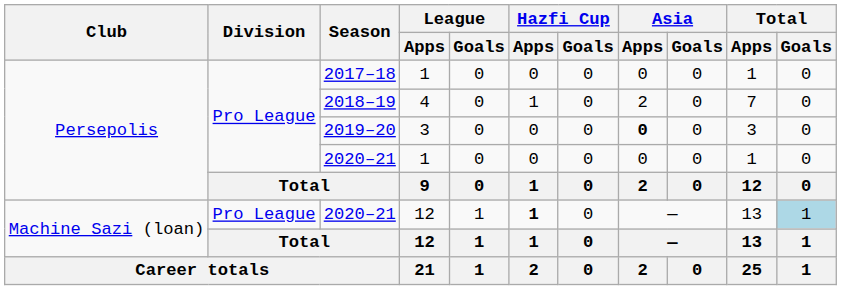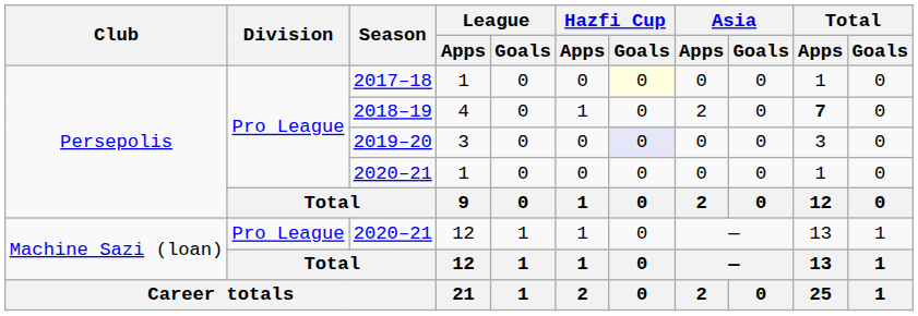 <table class="wikitable" style="text-align: center;">
 <tr>
 <th rowspan="2">Club</th>
 <th rowspan="2">Division</th>
 <th rowspan="2">Season</th>
 <th colspan="2">League</th>
 <th colspan="2"><a href='#'>Hazfi Cup</a></th>
 <th colspan="2"><a href='#'>Asia</a></th>
 <th colspan="2">Total</th>
 </tr>
 <tr>
 <th>Apps</th>
 <th>Goals</th>
 <th>Apps</th>
 <th>Goals</th>
 <th>Apps</th>
 <th>Goals</th>
 <th>Apps</th>
 <th>Goals</th>
 </tr>
 <tr>
 <td rowspan="5"><a href='#'>Persepolis</a></td>
 <td rowspan="4"><a href='#'>Pro League</a></td>
 <td><a href='#'>2017–18</a></td>
 <td>1</td>
 <td>0</td>
 <td>0</td>
-<td>0</td>
+<td style="background: lightyellow;">0</td>
 <td>0</td>
 <td>0</td>
 <td>1</td>
 <td>0</td>
 </tr>
 <tr>
 <td><a href='#'>2018–19</a></td>
 <td>4</td>
 <td>0</td>
 <td>1</td>
 <td>0</td>
 <td>2</td>
 <td>0</td>
-<td>7</td>
+<td><strong>7</strong></td>
 <td>0</td>
 </tr>
 <tr>
 <td><a href='#'>2019–20</a></td>
 <td>3</td>
 <td>0</td>
 <td>0</td>
+<td style="background: lavender;">0</td>
 <td>0</td>
-<td><strong>0</strong></td>
 <td>0</td>
 <td>3</td>
 <td>0</td>
 </tr>
 <tr>
 <td><a href='#'>2020–21</a></td>
 <td>1</td>
 <td>0</td>
 <td>0</td>
 <td>0</td>
 <td>0</td>
 <td>0</td>
 <td>1</td>
 <td>0</td>
 </tr>
 <tr>
 <th colspan="2">Total</th>
 <th>9</th>
 <th>0</th>
 <th>1</th>
 <th>0</th>
 <th>2</th>
 <th>0</th>
 <th>12</th>
 <th>0</th>
 </tr>
 <tr>
 <td rowspan="2"><a href='#'>Machine Sazi</a> (loan)</td>
 <td rowspan="1"><a href='#'>Pro League</a></td>
 <td><a href='#'>2020–21</a></td>
 <td>12</td>
 <td>1</td>
-<td><strong>1</strong></td>
+<td>1</td>
 <td>0</td>
 <td colspan=2>—</td>
 <td>13</td>
-<td style="background: lightblue;">1</td>
+<td>1</td>
 </tr>
 <tr>
 <th colspan="2">Total</th>
 <th>12</th>
 <th>1</th>
 <th>1</th>
 <th>0</th>
 <th colspan=2>—</th>
 <th>13</th>
 <th>1</th>
 </tr>
 <tr>
 <th colspan="3">Career totals</th>
 <th>21</th>
 <th>1</th>
 <th>2</th>
 <th>0</th>
 <th>2</th>
 <th>0</th>
 <th>25</th>
 <th>1</th>
 </tr>
 </table>
